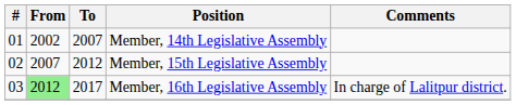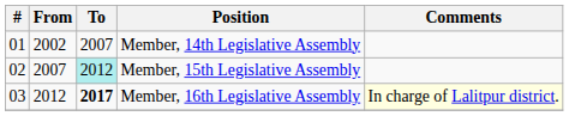 <table class="wikitable sortable">
 <tr>
 <th>#</th>
 <th>From</th>
 <th>To</th>
 <th>Position</th>
 <th>Comments</th>
 </tr>
 <tr>
 <td>01</td>
 <td>2002</td>
 <td>2007</td>
 <td>Member, <a href='#'>14th Legislative Assembly</a></td>
 <td></td>
 </tr>
 <tr>
 <td>02</td>
 <td>2007</td>
-<td>2012</td>
+<td style="background: paleturquoise;">2012</td>
 <td>Member, <a href='#'>15th Legislative Assembly</a></td>
 <td></td>
 </tr>
 <tr>
 <td>03</td>
-<td style="background: lightgreen;">2012</td>
-<td>2017</td>
+<td>2012</td>
+<td><strong>2017</strong></td>
 <td>Member, <a href='#'>16th Legislative Assembly</a></td>
-<td ex state minister (independent charge)was>In charge of <a href='#'>Lalitpur district</a>.</td>
+<td ex state minister (independent charge)was style="background: lightyellow;">In charge of <a href='#'>Lalitpur district</a>.</td>
 </tr>
 <tr>
 </tr>
 </table>
